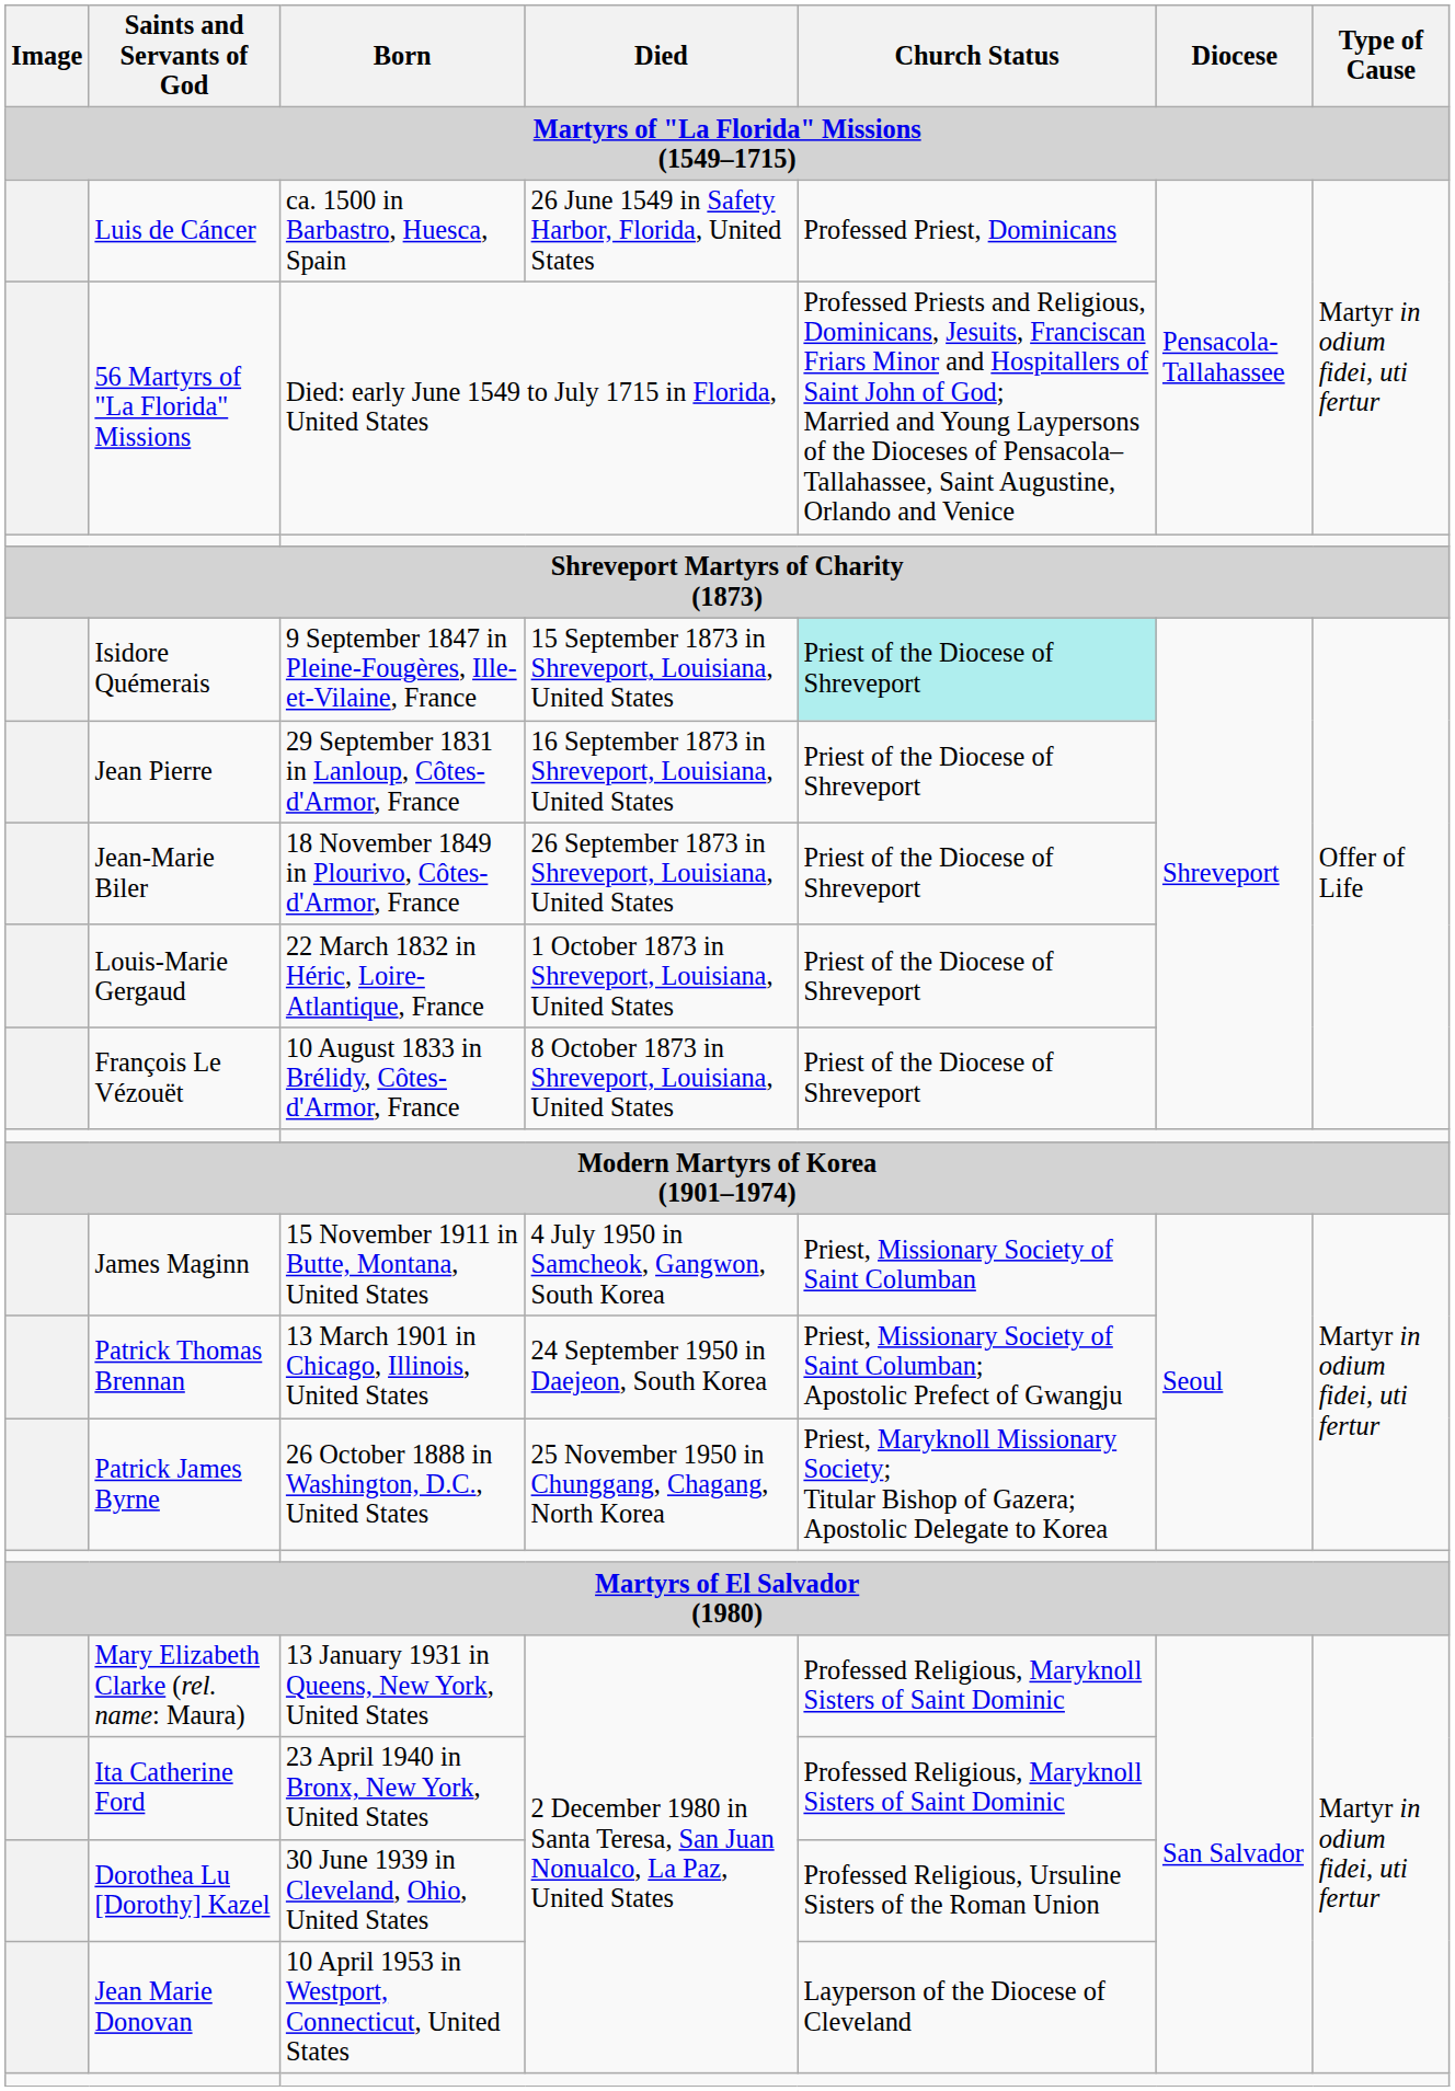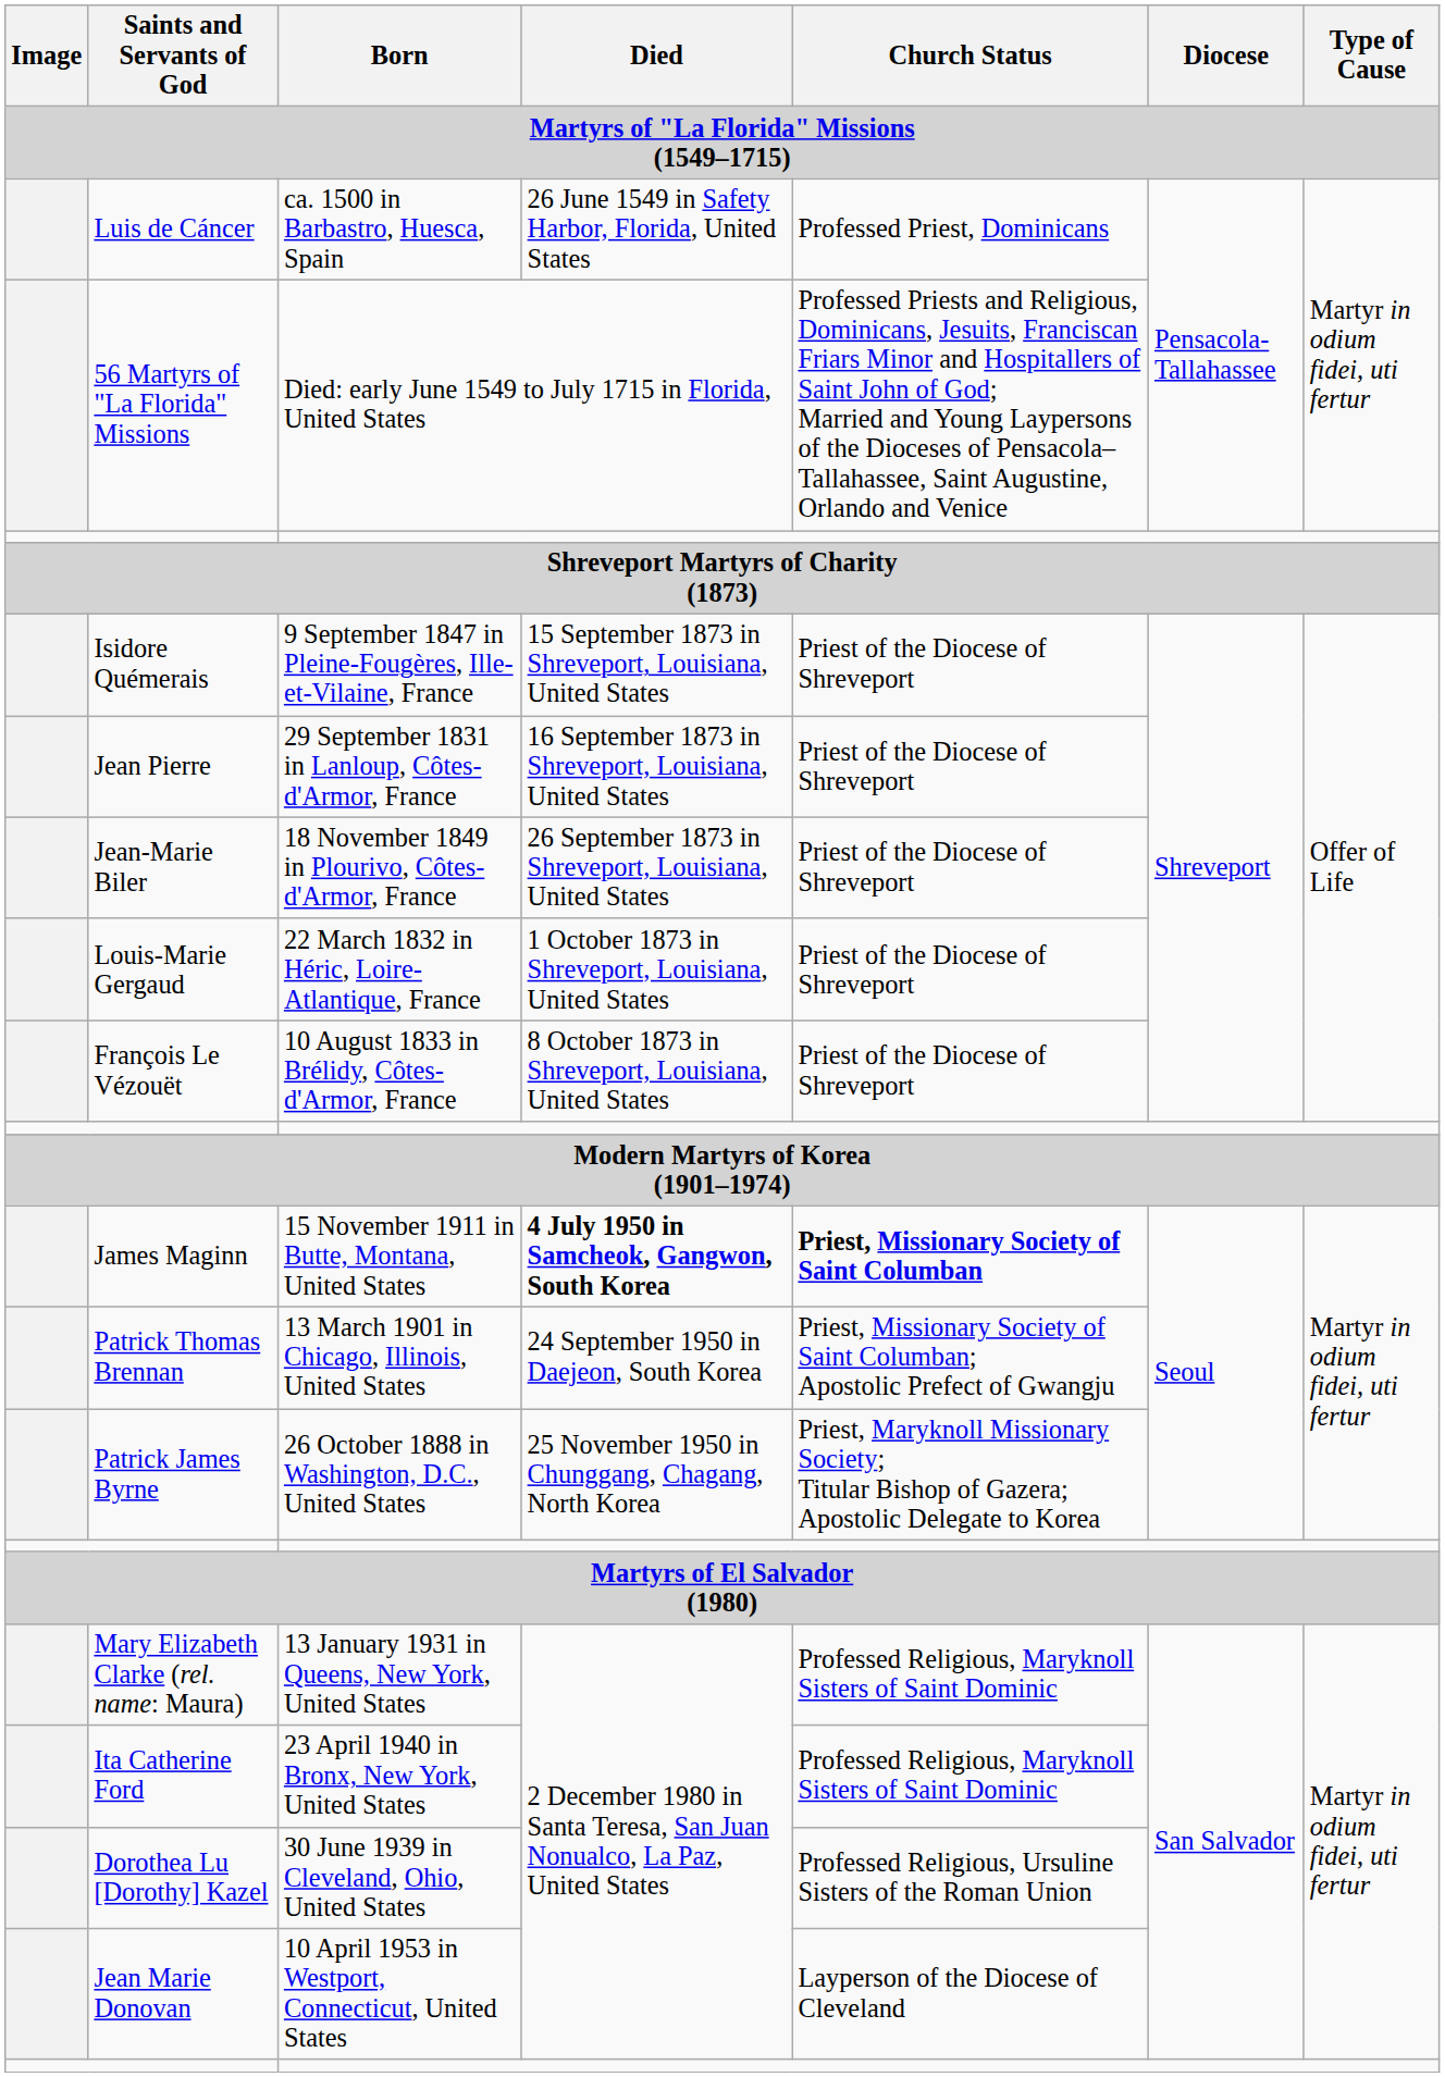 <table class="wikitable sortable">
 <tr>
 <th>Image</th>
 <th>Saints and<br>Servants of God</th>
 <th>Born</th>
 <th>Died</th>
 <th>Church Status</th>
 <th>Diocese</th>
 <th>Type of Cause</th>
 </tr>
 <tr>
 <td colspan="7" style="text-align:center; background:lightgray;white-space:nowrap"><strong><a href='#'>Martyrs of "La Florida" Missions</a> <br>(1549–1715)</strong></td>
 </tr>
 <tr>
 <th scope="row"></th>
 <td><a href='#'>Luis de Cáncer</a></td>
 <td>ca. 1500 in <a href='#'>Barbastro</a>, <a href='#'>Huesca</a>, Spain</td>
 <td>26 June 1549 in <a href='#'>Safety Harbor, Florida</a>, United States</td>
 <td>Professed Priest, <a href='#'>Dominicans</a></td>
 <td rowspan="2"><a href='#'>Pensacola-Tallahassee</a></td>
 <td rowspan="2">Martyr <em>in odium fidei, uti fertur</em></td>
 </tr>
 <tr>
 <th scope="row"></th>
 <td><a href='#'>56 Martyrs of "La Florida" Missions</a></td>
 <td colspan="2">Died: early June 1549 to July 1715 in <a href='#'>Florida</a>, United States</td>
 <td>Professed Priests and Religious, <a href='#'>Dominicans</a>, <a href='#'>Jesuits</a>, <a href='#'>Franciscan Friars Minor</a> and <a href='#'>Hospitallers of Saint John of God</a>; <br>Married and Young Laypersons of the Dioceses of Pensacola–Tallahassee, Saint Augustine, Orlando and Venice</td>
 </tr>
 <tr>
 <td colspan="2"></td>
 <td colspan="5"></td>
 </tr>
 <tr>
 <td colspan="7" style="text-align:center; background:lightgray;white-space:nowrap"><strong>Shreveport Martyrs of Charity <br>(1873)</strong></td>
 </tr>
 <tr>
 <th scope="row"></th>
 <td>Isidore Quémerais</td>
 <td>9 September 1847 in <a href='#'>Pleine-Fougères</a>, <a href='#'>Ille-et-Vilaine</a>, France</td>
 <td>15 September 1873 in <a href='#'>Shreveport, Louisiana</a>, United States</td>
-<td style="background: paleturquoise;">Priest of the Diocese of Shreveport</td>
+<td>Priest of the Diocese of Shreveport</td>
 <td rowspan="5"><a href='#'>Shreveport</a></td>
 <td rowspan="5">Offer of Life</td>
 </tr>
 <tr>
 <th scope="row"></th>
 <td>Jean Pierre</td>
 <td>29 September 1831 in <a href='#'>Lanloup</a>, <a href='#'>Côtes-d'Armor</a>, France</td>
 <td>16 September 1873 in <a href='#'>Shreveport, Louisiana</a>, United States</td>
 <td>Priest of the Diocese of Shreveport</td>
 </tr>
 <tr>
 <th scope="row"></th>
 <td>Jean-Marie Biler</td>
 <td>18 November 1849 in <a href='#'>Plourivo</a>, <a href='#'>Côtes-d'Armor</a>, France</td>
 <td>26 September 1873 in <a href='#'>Shreveport, Louisiana</a>, United States</td>
 <td>Priest of the Diocese of Shreveport</td>
 </tr>
 <tr>
 <th scope="row"></th>
 <td>Louis-Marie Gergaud</td>
 <td>22 March 1832 in <a href='#'>Héric</a>, <a href='#'>Loire-Atlantique</a>, France</td>
 <td>1 October 1873 in <a href='#'>Shreveport, Louisiana</a>, United States</td>
 <td>Priest of the Diocese of Shreveport</td>
 </tr>
 <tr>
 <th scope="row"></th>
 <td>François Le Vézouët</td>
 <td>10 August 1833 in <a href='#'>Brélidy</a>, <a href='#'>Côtes-d'Armor</a>, France</td>
 <td>8 October 1873 in <a href='#'>Shreveport, Louisiana</a>, United States</td>
 <td>Priest of the Diocese of Shreveport</td>
 </tr>
 <tr>
 <td colspan="2"></td>
 <td colspan="5"></td>
 </tr>
 <tr>
 <td colspan="7" style="text-align:center; background:lightgray;white-space:nowrap"><strong>Modern Martyrs of Korea <br>(1901–1974)</strong></td>
 </tr>
 <tr>
 <th scope="row"></th>
 <td>James Maginn</td>
 <td>15 November 1911 in <a href='#'>Butte, Montana</a>, United States</td>
-<td>4 July 1950 in <a href='#'>Samcheok</a>, <a href='#'>Gangwon</a>, South Korea</td>
-<td>Priest, <a href='#'>Missionary Society of Saint Columban</a></td>
+<td><strong>4 July 1950 in <a href='#'>Samcheok</a>, <a href='#'>Gangwon</a>, South Korea</strong></td>
+<td><strong>Priest, <a href='#'>Missionary Society of Saint Columban</a></strong></td>
 <td rowspan="3"><a href='#'>Seoul</a></td>
 <td rowspan="3">Martyr <em>in odium fidei, uti fertur</em></td>
 </tr>
 <tr>
 <th scope="row"></th>
 <td><a href='#'>Patrick Thomas Brennan</a></td>
 <td>13 March 1901 in <a href='#'>Chicago</a>, <a href='#'>Illinois</a>, United States</td>
 <td>24 September 1950 in <a href='#'>Daejeon</a>, South Korea</td>
 <td>Priest, <a href='#'>Missionary Society of Saint Columban</a>; <br>Apostolic Prefect of Gwangju</td>
 </tr>
 <tr>
 <th scope="row"></th>
 <td><a href='#'>Patrick James Byrne</a></td>
 <td>26 October 1888 in <a href='#'>Washington, D.C.</a>, United States</td>
 <td>25 November 1950 in <a href='#'>Chunggang</a>, <a href='#'>Chagang</a>, North Korea</td>
 <td>Priest, <a href='#'>Maryknoll Missionary Society</a>;<br>Titular Bishop of Gazera;<br>Apostolic Delegate to Korea</td>
 </tr>
 <tr>
 <td colspan="2"></td>
 <td colspan="5"></td>
 </tr>
 <tr>
 <td colspan="7" style="text-align:center; background:lightgray;white-space:nowrap"><strong><a href='#'>Martyrs of El Salvador</a> <br>(1980)</strong></td>
 </tr>
 <tr>
 <th scope="row"></th>
 <td><a href='#'>Mary Elizabeth Clarke</a> (<em>rel. name</em>: Maura)</td>
 <td>13 January 1931 in <a href='#'>Queens, New York</a>, United States</td>
 <td rowspan="4">2 December 1980 in Santa Teresa, <a href='#'>San Juan Nonualco</a>, <a href='#'>La Paz</a>, United States</td>
 <td>Professed Religious, <a href='#'>Maryknoll Sisters of Saint Dominic</a></td>
 <td rowspan="4"><a href='#'>San Salvador</a></td>
 <td rowspan="4">Martyr <em>in odium fidei, uti fertur</em></td>
 </tr>
 <tr>
 <th scope="row"></th>
 <td><a href='#'>Ita Catherine Ford</a></td>
 <td>23 April 1940 in <a href='#'>Bronx, New York</a>, United States</td>
 <td>Professed Religious, <a href='#'>Maryknoll Sisters of Saint Dominic</a></td>
 </tr>
 <tr>
 <th scope="row"></th>
 <td><a href='#'>Dorothea Lu [Dorothy] Kazel</a></td>
 <td>30 June 1939 in <a href='#'>Cleveland</a>, <a href='#'>Ohio</a>, United States</td>
 <td>Professed Religious, Ursuline Sisters of the Roman Union</td>
 </tr>
 <tr>
 <th scope="row"></th>
 <td><a href='#'>Jean Marie Donovan</a></td>
 <td>10 April 1953 in <a href='#'>Westport, Connecticut</a>, United States</td>
 <td>Layperson of the Diocese of Cleveland</td>
 </tr>
 <tr>
 <td colspan="2"></td>
 <td colspan="5"></td>
 </tr>
 </table>
